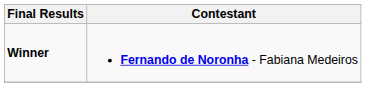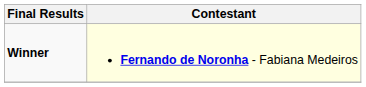 <table class="wikitable">
 <tr>
 <th>Final Results</th>
 <th>Contestant</th>
 </tr>
 <tr>
 <td><strong>Winner</strong></td>
-<td><br><ul><li><strong> <a href='#'>Fernando de Noronha</a></strong> - Fabiana Medeiros</li></ul></td>
+<td style="background: lightyellow;"><br><ul><li><strong> <a href='#'>Fernando de Noronha</a></strong> - Fabiana Medeiros</li></ul></td>
 </tr>
 <tr>
 </tr>
 </table>
